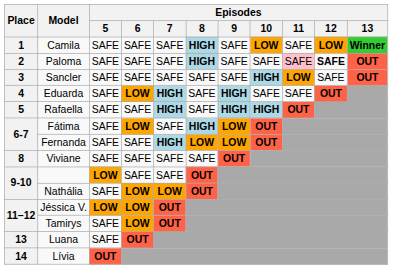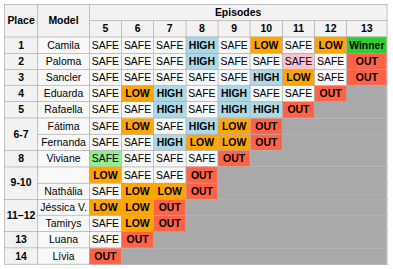 <table class="wikitable" style="text-align:center; font-size:92%">
 <tr>
 <th rowspan="2">Place</th>
 <th rowspan="2">Model</th>
 <th colspan="12">Episodes</th>
 </tr>
 <tr>
 <th>5</th>
 <th>6</th>
 <th>7</th>
 <th>8</th>
 <th>9</th>
 <th>10</th>
 <th>11</th>
 <th>12</th>
 <th>13</th>
 </tr>
 <tr>
 <th>1</th>
 <td>Camila</td>
 <td>SAFE</td>
 <td>SAFE</td>
 <td>SAFE</td>
 <td style="background:lightblue"><strong>HIGH</strong></td>
 <td>SAFE</td>
 <td style="background:orange"><strong>LOW</strong></td>
 <td>SAFE</td>
 <td style="background:orange"><strong>LOW</strong></td>
 <td style="background:limegreen"><strong>Winner</strong></td>
 </tr>
 <tr>
 <th>2</th>
 <td>Paloma</td>
 <td>SAFE</td>
 <td>SAFE</td>
 <td>SAFE</td>
 <td style="background:lightblue"><strong>HIGH</strong></td>
 <td>SAFE</td>
 <td>SAFE</td>
 <td style="background: pink;">SAFE</td>
-<td><strong>SAFE</strong></td>
+<td>SAFE</td>
 <td style="background:tomato"><strong>OUT</strong></td>
 </tr>
 <tr>
 <th>3</th>
 <td>Sancler</td>
 <td>SAFE</td>
 <td>SAFE</td>
 <td>SAFE</td>
 <td>SAFE</td>
 <td>SAFE</td>
 <td style="background:lightblue"><strong>HIGH</strong></td>
 <td style="background:orange"><strong>LOW</strong></td>
 <td>SAFE</td>
 <td style="background:tomato"><strong>OUT</strong></td>
 </tr>
 <tr>
 <th>4</th>
 <td>Eduarda</td>
 <td>SAFE</td>
 <td style="background:orange"><strong>LOW</strong></td>
 <td style="background:lightblue"><strong>HIGH</strong></td>
 <td>SAFE</td>
 <td style="background:lightblue"><strong>HIGH</strong></td>
 <td>SAFE</td>
 <td>SAFE</td>
 <td style="background:tomato"><strong>OUT</strong></td>
 <td colspan="2" style="background:darkgray"></td>
 </tr>
 <tr>
 <th>5</th>
 <td>Rafaella</td>
 <td>SAFE</td>
 <td>SAFE</td>
 <td style="background:lightblue"><strong>HIGH</strong></td>
 <td>SAFE</td>
 <td style="background:lightblue"><strong>HIGH</strong></td>
 <td style="background:lightblue"><strong>HIGH</strong></td>
 <td style="background:tomato"><strong>OUT</strong></td>
 <td colspan="20" style="background:darkgray"></td>
 </tr>
 <tr>
 <th rowspan="2">6-7</th>
 <td>Fátima</td>
 <td>SAFE</td>
 <td style="background:orange"><strong>LOW</strong></td>
 <td>SAFE</td>
 <td style="background:lightblue"><strong>HIGH</strong></td>
 <td style="background:orange"><strong>LOW</strong></td>
 <td style="background:tomato"><strong>OUT</strong></td>
 <td colspan="4" style="background:darkgray"></td>
 </tr>
 <tr>
 <td>Fernanda</td>
 <td>SAFE</td>
 <td>SAFE</td>
 <td style="background:lightblue"><strong>HIGH</strong></td>
 <td style="background:orange"><strong>LOW</strong></td>
 <td style="background:orange"><strong>LOW</strong></td>
 <td style="background:tomato"><strong>OUT</strong></td>
 <td colspan="5" style="background:darkgray"></td>
 </tr>
 <tr>
 <th>8</th>
 <td>Viviane</td>
-<td>SAFE</td>
+<td style="background: lightgreen;">SAFE</td>
 <td>SAFE</td>
 <td>SAFE</td>
 <td>SAFE</td>
 <td style="background:tomato"><strong>OUT</strong></td>
 <td colspan="6" style="background:darkgray"></td>
 </tr>
 <tr>
 <th rowspan="2">9-10</th>
 <td></td>
 <td style="background:orange"><strong>LOW</strong></td>
 <td>SAFE</td>
 <td>SAFE</td>
 <td style="background:tomato"><strong>OUT</strong></td>
 <td colspan="6" style="background:darkgray"></td>
 </tr>
 <tr>
 <td>Nathália</td>
 <td>SAFE</td>
 <td style="background:orange"><strong>LOW</strong></td>
 <td style="background:orange"><strong>LOW</strong></td>
 <td style="background:tomato"><strong>OUT</strong></td>
 <td colspan="7" style="background:darkgray"></td>
 </tr>
 <tr>
 <th rowspan="2">11–12</th>
 <td>Jéssica V.</td>
 <td style="background:orange"><strong>LOW</strong></td>
 <td style="background:orange"><strong>LOW</strong></td>
 <td style="background:tomato"><strong>OUT</strong></td>
 <td colspan="8" style="background:darkgray"></td>
 </tr>
 <tr>
 <td>Tamirys</td>
 <td>SAFE</td>
 <td style="background:orange"><strong>LOW</strong></td>
 <td style="background:tomato"><strong>OUT</strong></td>
 <td colspan="9" style="background:darkgray"></td>
 </tr>
 <tr>
 <th>13</th>
 <td>Luana</td>
 <td>SAFE</td>
 <td style="background:tomato"><strong>OUT</strong></td>
 <td colspan="10" style="background:darkgray"></td>
 </tr>
 <tr>
 <th>14</th>
 <td>Lívia</td>
 <td style="background:tomato"><strong>OUT</strong></td>
 <td colspan="10" style="background:darkgray"></td>
 </tr>
 </table>
